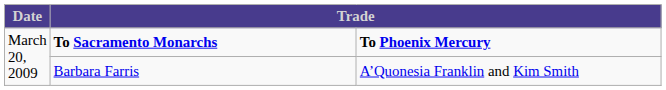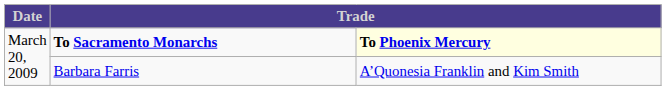 <table class="wikitable" style="width:80%">
 <tr>
 <th style="background:#483B8D;color:#D3D3D3; width=200">Date</th>
 <th style="background:#483B8D;color:#D3D3D3;" colspan=2>Trade</th>
 </tr>
 <tr>
 <td rowspan=2>March 20, 2009</td>
 <td width=400><strong>To <a href='#'>Sacramento Monarchs</a></strong></td>
-<td width=400><strong>To <a href='#'>Phoenix Mercury</a></strong></td>
+<td width=400 style="background: lightyellow;"><strong>To <a href='#'>Phoenix Mercury</a></strong></td>
 </tr>
 <tr>
 <td><a href='#'>Barbara Farris</a></td>
 <td><a href='#'>A’Quonesia Franklin</a> and <a href='#'>Kim Smith</a></td>
 </tr>
 </table>
